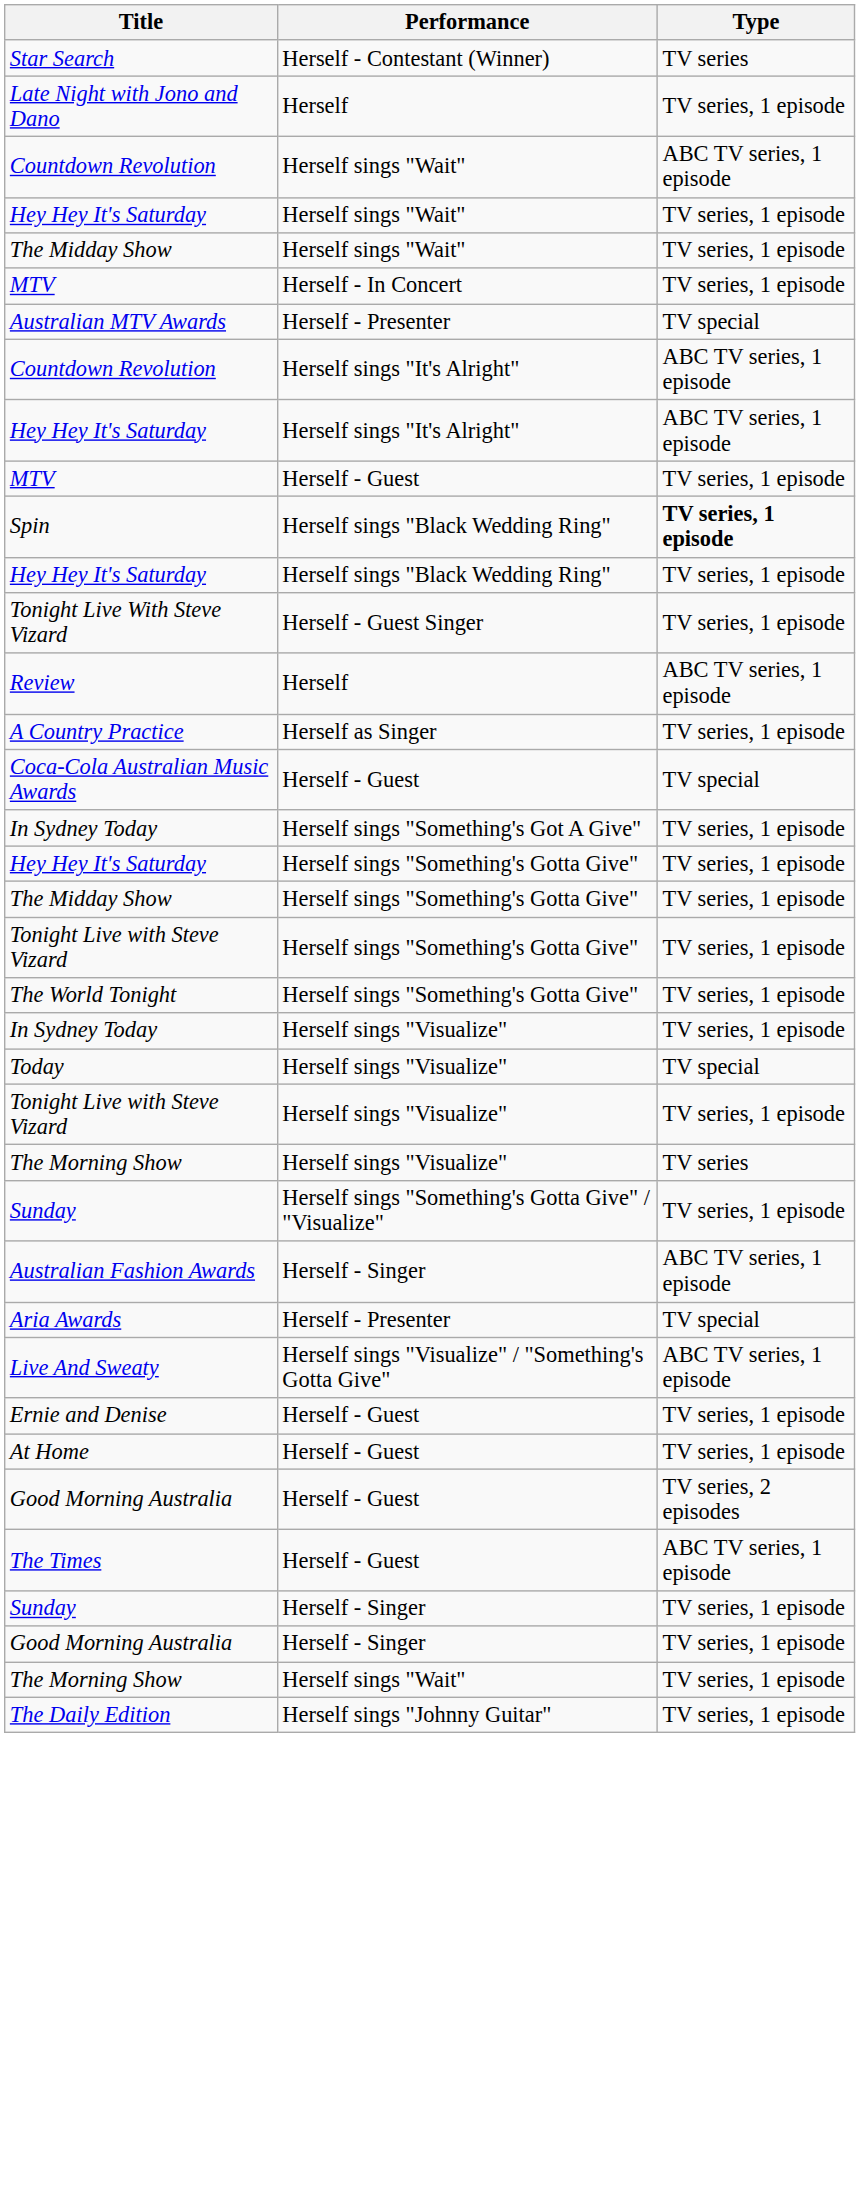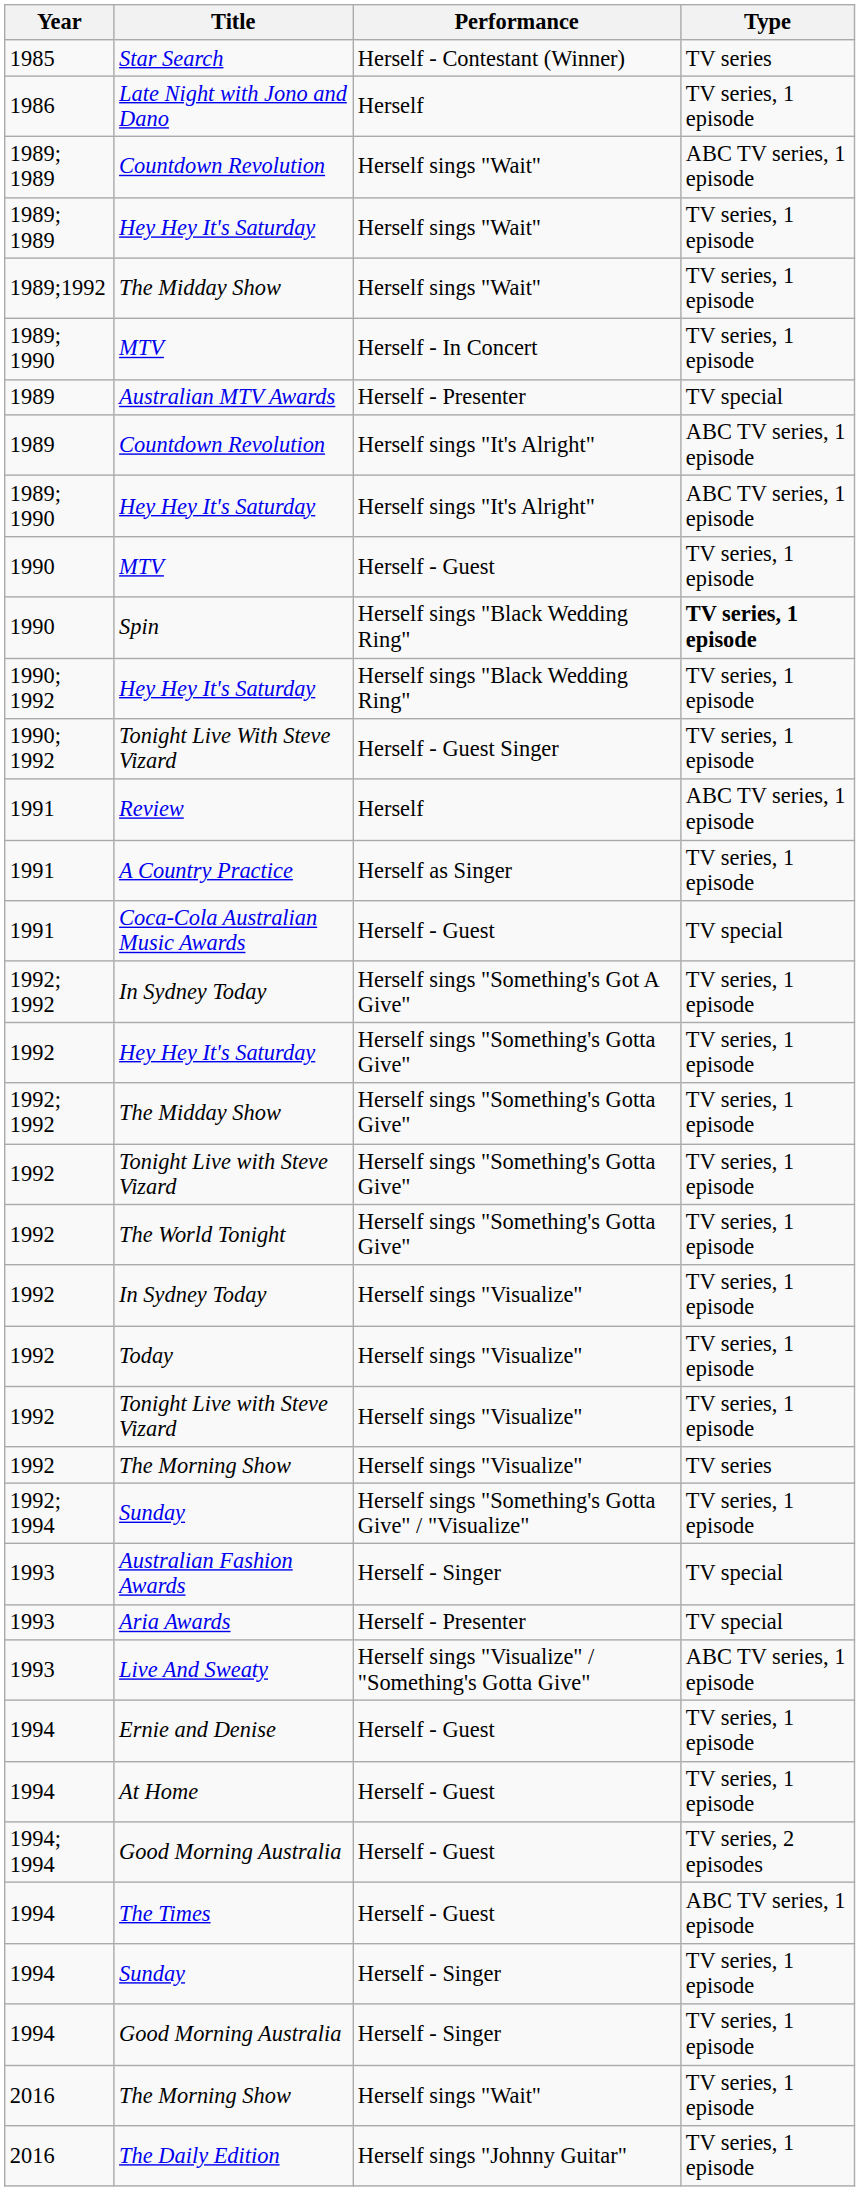 <table class="wikitable">
 <tr>
+<th>Year</th>
 <th>Title</th>
 <th>Performance</th>
 <th>Type</th>
 </tr>
 <tr>
+<td>1985</td>
 <td><em><a href='#'>Star Search</a></em></td>
 <td>Herself - Contestant (Winner)</td>
 <td>TV series</td>
 </tr>
 <tr>
+<td>1986</td>
 <td><em><a href='#'>Late Night with Jono and Dano</a></em></td>
 <td>Herself</td>
 <td>TV series, 1 episode</td>
 </tr>
 <tr>
+<td>1989; 1989</td>
 <td><em><a href='#'>Countdown Revolution</a></em></td>
 <td>Herself sings "Wait"</td>
 <td>ABC TV series, 1 episode</td>
 </tr>
 <tr>
+<td>1989; 1989</td>
 <td><em><a href='#'>Hey Hey It's Saturday</a></em></td>
 <td>Herself sings "Wait"</td>
 <td>TV series, 1 episode</td>
 </tr>
 <tr>
+<td>1989;1992</td>
 <td><em>The Midday Show</em></td>
 <td>Herself sings "Wait"</td>
 <td>TV series, 1 episode</td>
 </tr>
 <tr>
+<td>1989; 1990</td>
 <td><em><a href='#'>MTV</a></em></td>
 <td>Herself - In Concert</td>
 <td>TV series, 1 episode</td>
 </tr>
 <tr>
+<td>1989</td>
 <td><em><a href='#'>Australian MTV Awards</a></em></td>
 <td>Herself - Presenter</td>
 <td>TV special</td>
 </tr>
 <tr>
+<td>1989</td>
 <td><em><a href='#'>Countdown Revolution</a></em></td>
 <td>Herself sings "It's Alright"</td>
 <td>ABC TV series, 1 episode</td>
 </tr>
 <tr>
+<td>1989; 1990</td>
 <td><em><a href='#'>Hey Hey It's Saturday</a></em></td>
 <td>Herself sings "It's Alright"</td>
 <td>ABC TV series, 1 episode</td>
 </tr>
 <tr>
+<td>1990</td>
 <td><em><a href='#'>MTV</a></em></td>
 <td>Herself - Guest</td>
 <td>TV series, 1 episode</td>
 </tr>
 <tr>
+<td>1990</td>
 <td><em>Spin</em></td>
 <td>Herself sings "Black Wedding Ring"</td>
 <td><strong>TV series, 1 episode</strong></td>
 </tr>
 <tr>
+<td>1990; 1992</td>
 <td><em><a href='#'>Hey Hey It's Saturday</a></em></td>
 <td>Herself sings "Black Wedding Ring"</td>
 <td>TV series, 1 episode</td>
 </tr>
 <tr>
+<td>1990; 1992</td>
 <td><em>Tonight Live With Steve Vizard</em></td>
 <td>Herself - Guest Singer</td>
 <td>TV series, 1 episode</td>
 </tr>
 <tr>
+<td>1991</td>
 <td><em><a href='#'>Review</a></em></td>
 <td>Herself</td>
 <td>ABC TV series, 1 episode</td>
 </tr>
 <tr>
+<td>1991</td>
 <td><em><a href='#'>A Country Practice</a></em></td>
 <td>Herself as Singer</td>
 <td>TV series, 1 episode</td>
 </tr>
 <tr>
+<td>1991</td>
 <td><em><a href='#'>Coca-Cola Australian Music Awards</a></em></td>
 <td>Herself - Guest</td>
 <td>TV special</td>
 </tr>
 <tr>
+<td>1992; 1992</td>
 <td><em>In Sydney Today</em></td>
 <td>Herself sings "Something's Got A Give"</td>
 <td>TV series, 1 episode</td>
 </tr>
 <tr>
+<td>1992</td>
 <td><em><a href='#'>Hey Hey It's Saturday</a></em></td>
 <td>Herself sings "Something's Gotta Give"</td>
 <td>TV series, 1 episode</td>
 </tr>
 <tr>
+<td>1992; 1992</td>
 <td><em>The Midday Show</em></td>
 <td>Herself sings "Something's Gotta Give"</td>
 <td>TV series, 1 episode</td>
 </tr>
 <tr>
+<td>1992</td>
 <td><em>Tonight Live with Steve Vizard</em></td>
 <td>Herself sings "Something's Gotta Give"</td>
 <td>TV series, 1 episode</td>
 </tr>
 <tr>
+<td>1992</td>
 <td><em>The World Tonight</em></td>
 <td>Herself sings "Something's Gotta Give"</td>
 <td>TV series, 1 episode</td>
 </tr>
 <tr>
+<td>1992</td>
 <td><em>In Sydney Today</em></td>
 <td>Herself sings "Visualize"</td>
 <td>TV series, 1 episode</td>
 </tr>
 <tr>
+<td>1992</td>
 <td><em>Today</em></td>
 <td>Herself sings "Visualize"</td>
-<td>TV special</td>
+<td>TV series, 1 episode</td>
 </tr>
 <tr>
+<td>1992</td>
 <td><em>Tonight Live with Steve Vizard</em></td>
 <td>Herself sings "Visualize"</td>
 <td>TV series, 1 episode</td>
 </tr>
 <tr>
+<td>1992</td>
 <td><em>The Morning Show</em></td>
 <td>Herself sings "Visualize"</td>
 <td>TV series</td>
 </tr>
 <tr>
+<td>1992; 1994</td>
 <td><em><a href='#'>Sunday</a></em></td>
 <td>Herself sings "Something's Gotta Give" / "Visualize"</td>
 <td>TV series, 1 episode</td>
 </tr>
 <tr>
+<td>1993</td>
 <td><em><a href='#'>Australian Fashion Awards</a></em></td>
 <td>Herself - Singer</td>
-<td>ABC TV series, 1 episode</td>
+<td>TV special</td>
 </tr>
 <tr>
+<td>1993</td>
 <td><em><a href='#'>Aria Awards</a></em></td>
 <td>Herself - Presenter</td>
 <td>TV special</td>
 </tr>
 <tr>
+<td>1993</td>
 <td><em><a href='#'>Live And Sweaty</a></em></td>
 <td>Herself sings "Visualize" / "Something's Gotta Give"</td>
 <td>ABC TV series, 1 episode</td>
 </tr>
 <tr>
+<td>1994</td>
 <td><em>Ernie and Denise</em></td>
 <td>Herself - Guest</td>
 <td>TV series, 1 episode</td>
 </tr>
 <tr>
+<td>1994</td>
 <td><em>At Home</em></td>
 <td>Herself - Guest</td>
 <td>TV series, 1 episode</td>
 </tr>
 <tr>
+<td>1994; 1994</td>
 <td><em>Good Morning Australia</em></td>
 <td>Herself - Guest</td>
 <td>TV series, 2 episodes</td>
 </tr>
 <tr>
+<td>1994</td>
 <td><em><a href='#'>The Times</a></em></td>
 <td>Herself - Guest</td>
 <td>ABC TV series, 1 episode</td>
 </tr>
 <tr>
+<td>1994</td>
 <td><em><a href='#'>Sunday</a></em></td>
 <td>Herself - Singer</td>
 <td>TV series, 1 episode</td>
 </tr>
 <tr>
+<td>1994</td>
 <td><em>Good Morning Australia</em></td>
 <td>Herself - Singer</td>
 <td>TV series, 1 episode</td>
 </tr>
 <tr>
+<td>2016</td>
 <td><em>The Morning Show</em></td>
 <td>Herself sings "Wait"</td>
 <td>TV series, 1 episode</td>
 </tr>
 <tr>
+<td>2016</td>
 <td><em><a href='#'>The Daily Edition</a></em></td>
 <td>Herself sings "Johnny Guitar"</td>
 <td>TV series, 1 episode</td>
 </tr>
 </table>
